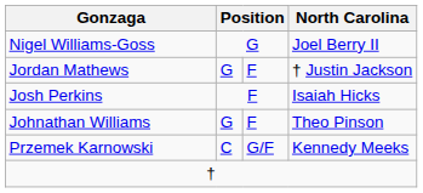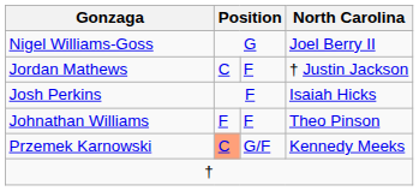 <table class="wikitable">
 <tr>
 <th style="width:200px;">Gonzaga</th>
 <th colspan="2">Position</th>
 <th>North Carolina</th>
 </tr>
 <tr>
 <td><a href='#'>Nigel Williams-Goss</a></td>
 <td colspan="2" style="text-align:center"><a href='#'>G</a></td>
 <td><a href='#'>Joel Berry II</a></td>
 </tr>
 <tr>
 <td><a href='#'>Jordan Mathews</a></td>
-<td><a href='#'>G</a></td>
+<td><a href='#'>C</a></td>
 <td><a href='#'>F</a></td>
 <td>† <a href='#'>Justin Jackson</a></td>
 </tr>
 <tr>
 <td><a href='#'>Josh Perkins</a></td>
 <td colspan="2" style="text-align:center"><a href='#'>F</a></td>
 <td><a href='#'>Isaiah Hicks</a></td>
 </tr>
 <tr>
 <td><a href='#'>Johnathan Williams</a></td>
-<td><a href='#'>G</a></td>
+<td><a href='#'>F</a></td>
 <td><a href='#'>F</a></td>
 <td><a href='#'>Theo Pinson</a></td>
 </tr>
 <tr>
 <td><a href='#'>Przemek Karnowski</a></td>
-<td><a href='#'>C</a></td>
+<td style="background: lightsalmon;"><a href='#'>C</a></td>
 <td><a href='#'>G/F</a></td>
 <td><a href='#'>Kennedy Meeks</a></td>
 </tr>
 <tr>
 <td colspan="5" align=center>† </td>
 </tr>
 </table>
